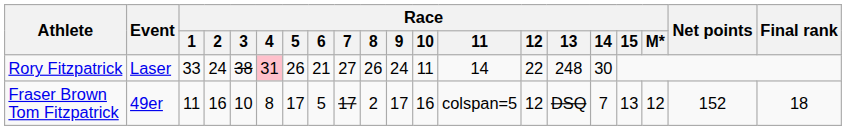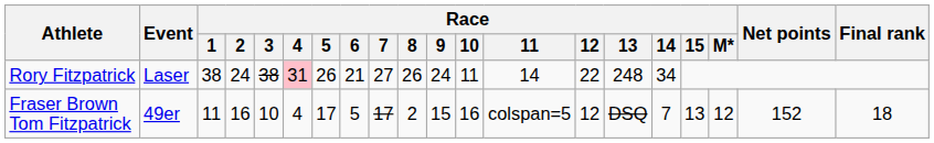 <table class="wikitable" style="font-size:90%">
 <tr>
 <th rowspan=2>Athlete</th>
 <th rowspan=2>Event</th>
 <th colspan=16>Race</th>
 <th rowspan=2>Net points</th>
 <th rowspan=2>Final rank</th>
 </tr>
 <tr style="font-size:95%">
 <th>1</th>
 <th>2</th>
 <th>3</th>
 <th>4</th>
 <th>5</th>
 <th>6</th>
 <th>7</th>
 <th>8</th>
 <th>9</th>
 <th>10</th>
 <th>11</th>
 <th>12</th>
 <th>13</th>
 <th>14</th>
 <th>15</th>
 <th>M*</th>
 </tr>
 <tr align=center>
 <td align=left><a href='#'>Rory Fitzpatrick</a></td>
 <td align=left><a href='#'>Laser</a></td>
-<td>33</td>
+<td>38</td>
 <td>24</td>
 <td><s>38</s></td>
 <td style="background: pink;">31</td>
 <td>26</td>
 <td>21</td>
 <td>27</td>
 <td>26</td>
 <td>24</td>
 <td>11</td>
 <td>14</td>
 <td>22</td>
 <td>248</td>
-<td>30</td>
+<td>34</td>
 </tr>
 <tr align=center>
 <td align=left><a href='#'>Fraser Brown</a><br><a href='#'>Tom Fitzpatrick</a></td>
 <td align=left><a href='#'>49er</a></td>
 <td>11</td>
 <td>16</td>
 <td>10</td>
-<td>8</td>
+<td>4</td>
 <td>17</td>
 <td>5</td>
 <td><s>17</s></td>
 <td>2</td>
-<td>17</td>
+<td>15</td>
 <td>16</td>
 <td>colspan=5 </td>
 <td>12</td>
 <td><s>DSQ</s></td>
 <td>7</td>
 <td>13</td>
 <td>12</td>
 <td>152</td>
 <td>18</td>
 </tr>
 </table>
